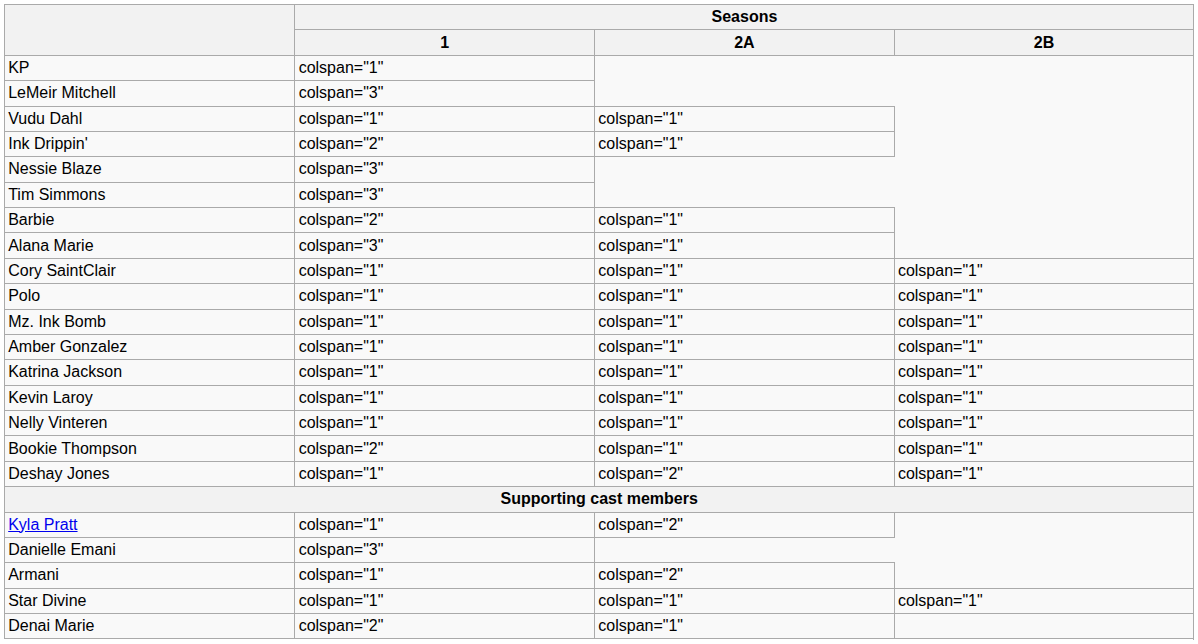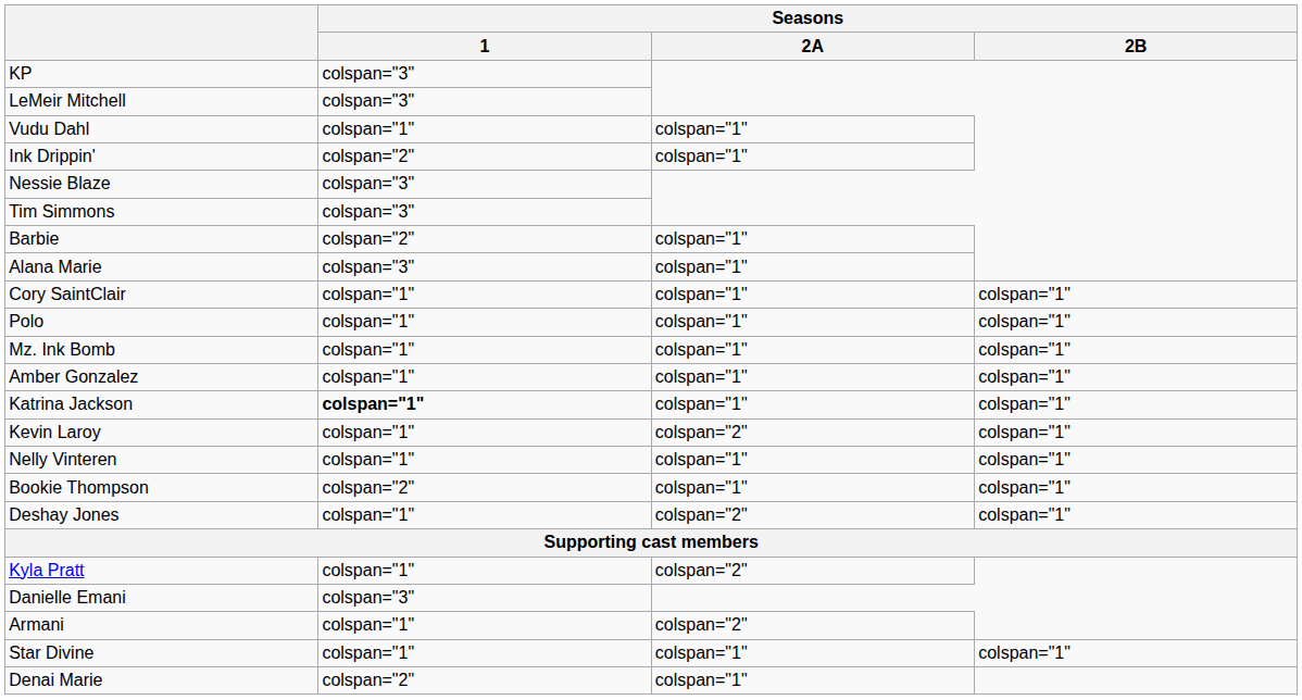 <table class="wikitable plainrowheaders" style="width:60%;">
 <tr>
 <th rowspan="2" style="width:5%;"></th>
 <th colspan="3">Seasons</th>
 </tr>
 <tr>
 <th style="width:5%;">1</th>
 <th style="width:5%;">2A</th>
 <th style="width:5%;">2B</th>
 </tr>
 <tr>
 <td>KP</td>
-<td>colspan="1" </td>
+<td>colspan="3" </td>
 </tr>
 <tr>
 <td>LeMeir Mitchell</td>
 <td>colspan="3" </td>
 </tr>
 <tr>
 <td>Vudu Dahl</td>
 <td>colspan="1" </td>
 <td>colspan="1" </td>
 </tr>
 <tr>
 <td>Ink Drippin'</td>
 <td>colspan="2" </td>
 <td>colspan="1" </td>
 </tr>
 <tr>
 <td>Nessie Blaze</td>
 <td>colspan="3" </td>
 </tr>
 <tr>
 <td>Tim Simmons</td>
 <td>colspan="3" </td>
 </tr>
 <tr>
 <td>Barbie</td>
 <td>colspan="2" </td>
 <td>colspan="1" </td>
 </tr>
 <tr>
 <td>Alana Marie</td>
 <td>colspan="3" </td>
 <td>colspan="1" </td>
 </tr>
 <tr>
 <td>Cory SaintClair</td>
 <td>colspan="1" </td>
 <td>colspan="1" </td>
 <td>colspan="1" </td>
 </tr>
 <tr>
 <td>Polo</td>
 <td>colspan="1" </td>
 <td>colspan="1" </td>
 <td>colspan="1" </td>
 </tr>
 <tr>
 <td>Mz. Ink Bomb</td>
 <td>colspan="1" </td>
 <td>colspan="1" </td>
 <td>colspan="1" </td>
 </tr>
 <tr>
 <td>Amber Gonzalez</td>
 <td>colspan="1" </td>
 <td>colspan="1" </td>
 <td>colspan="1" </td>
 </tr>
 <tr>
 <td>Katrina Jackson</td>
-<td>colspan="1" </td>
+<td><strong>colspan="1" </strong></td>
 <td>colspan="1" </td>
 <td>colspan="1" </td>
 </tr>
 <tr>
 <td>Kevin Laroy</td>
 <td>colspan="1" </td>
-<td>colspan="1" </td>
+<td>colspan="2" </td>
 <td>colspan="1" </td>
 </tr>
 <tr>
 <td>Nelly Vinteren</td>
 <td>colspan="1" </td>
 <td>colspan="1" </td>
 <td>colspan="1" </td>
 </tr>
 <tr>
 <td>Bookie Thompson</td>
 <td>colspan="2" </td>
 <td>colspan="1" </td>
 <td>colspan="1" </td>
 </tr>
 <tr>
 <td>Deshay Jones</td>
 <td>colspan="1" </td>
 <td>colspan="2" </td>
 <td>colspan="1" </td>
 </tr>
 <tr>
 <th colspan="4" rowspan="1" style="width:16%;">Supporting cast members</th>
 </tr>
 <tr>
 <td><a href='#'>Kyla Pratt</a></td>
 <td>colspan="1" </td>
 <td>colspan="2" </td>
 </tr>
 <tr>
 <td>Danielle Emani</td>
 <td>colspan="3" </td>
 </tr>
 <tr>
 <td>Armani</td>
 <td>colspan="1" </td>
 <td>colspan="2" </td>
 </tr>
 <tr>
 <td>Star Divine</td>
 <td>colspan="1" </td>
 <td>colspan="1" </td>
 <td>colspan="1" </td>
 </tr>
 <tr>
 <td>Denai Marie</td>
 <td>colspan="2" </td>
 <td>colspan="1" </td>
 </tr>
 <tr>
 </tr>
 </table>
